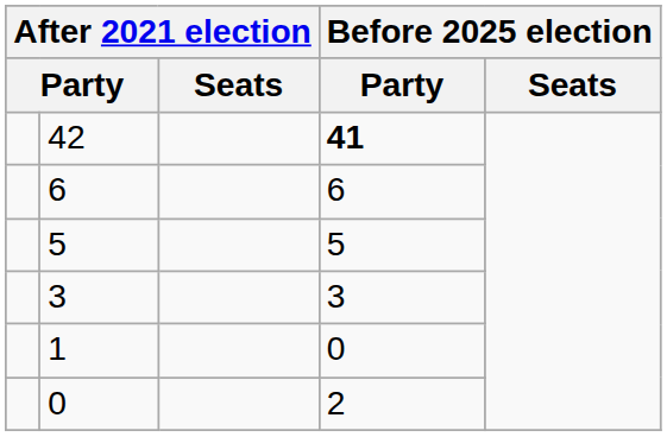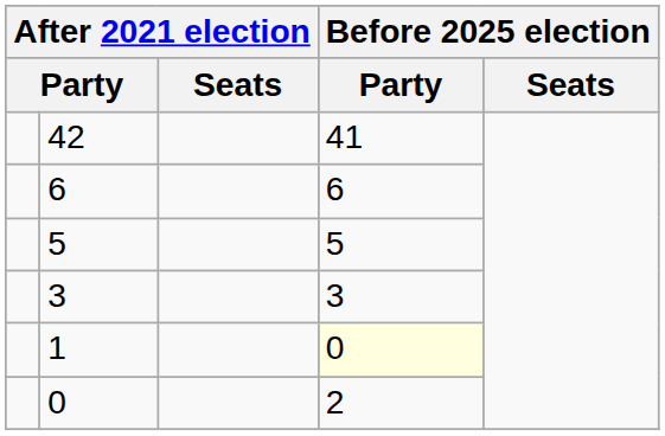 <table class="wikitable">
 <tr>
 <th colspan="3">After <a href='#'>2021 election</a></th>
 <th colspan="3">Before 2025 election</th>
 </tr>
 <tr>
 <th colspan="2">Party</th>
 <th>Seats</th>
 <th colspan="2">Party</th>
 <th>Seats</th>
 </tr>
 <tr>
 <td></td>
 <td>42</td>
 <td></td>
-<td><strong>41</strong></td>
+<td>41</td>
 </tr>
 <tr>
 <td></td>
 <td>6</td>
 <td></td>
 <td>6</td>
 </tr>
 <tr>
 <td></td>
 <td>5</td>
 <td></td>
 <td>5</td>
 </tr>
 <tr>
 <td></td>
 <td>3</td>
 <td></td>
 <td>3</td>
 </tr>
 <tr>
 <td></td>
 <td>1</td>
 <td></td>
-<td>0</td>
+<td style="background: lightyellow;">0</td>
 </tr>
 <tr>
 <td></td>
 <td>0</td>
 <td></td>
 <td>2</td>
 </tr>
 </table>
